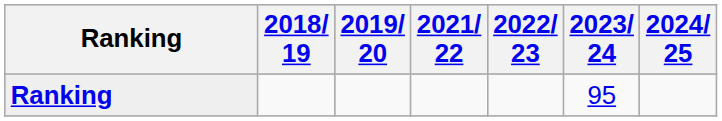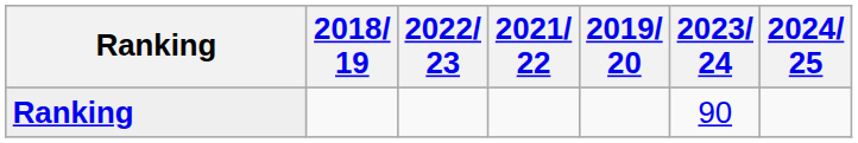 <table class="wikitable">
 <tr>
 <th width=150>Ranking</th>
 <th><a href='#'>2018/<br>19</a></th>
+<th><a href='#'>2022/<br>23</a></th>
+<th><a href='#'>2021/<br>22</a></th>
 <th><a href='#'>2019/<br>20</a></th>
-<th><a href='#'>2021/<br>22</a></th>
-<th><a href='#'>2022/<br>23</a></th>
 <th><a href='#'>2023/<br>24</a></th>
 <th><a href='#'>2024/<br>25</a></th>
 </tr>
 <tr>
 <td style="background:#EFEFEF;"><strong><a href='#'>Ranking</a></strong></td>
 <td align="center"></td>
 <td align="center"></td>
 <td align="center"></td>
 <td align="center"></td>
-<td align="center"><a href='#'>95</a></td>
+<td align="center"><a href='#'>90</a></td>
 <td align="center"></td>
 </tr>
 </table>
